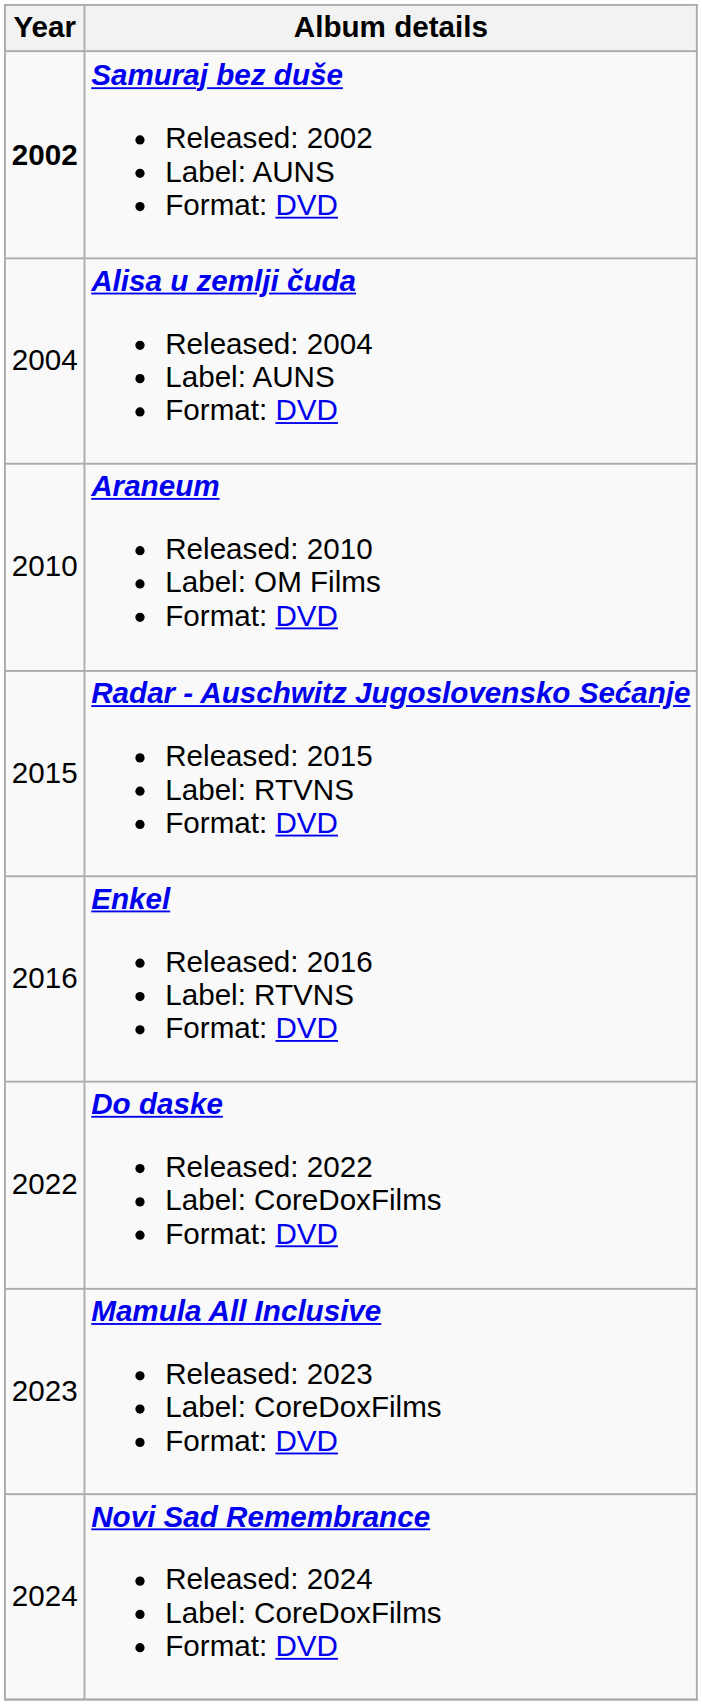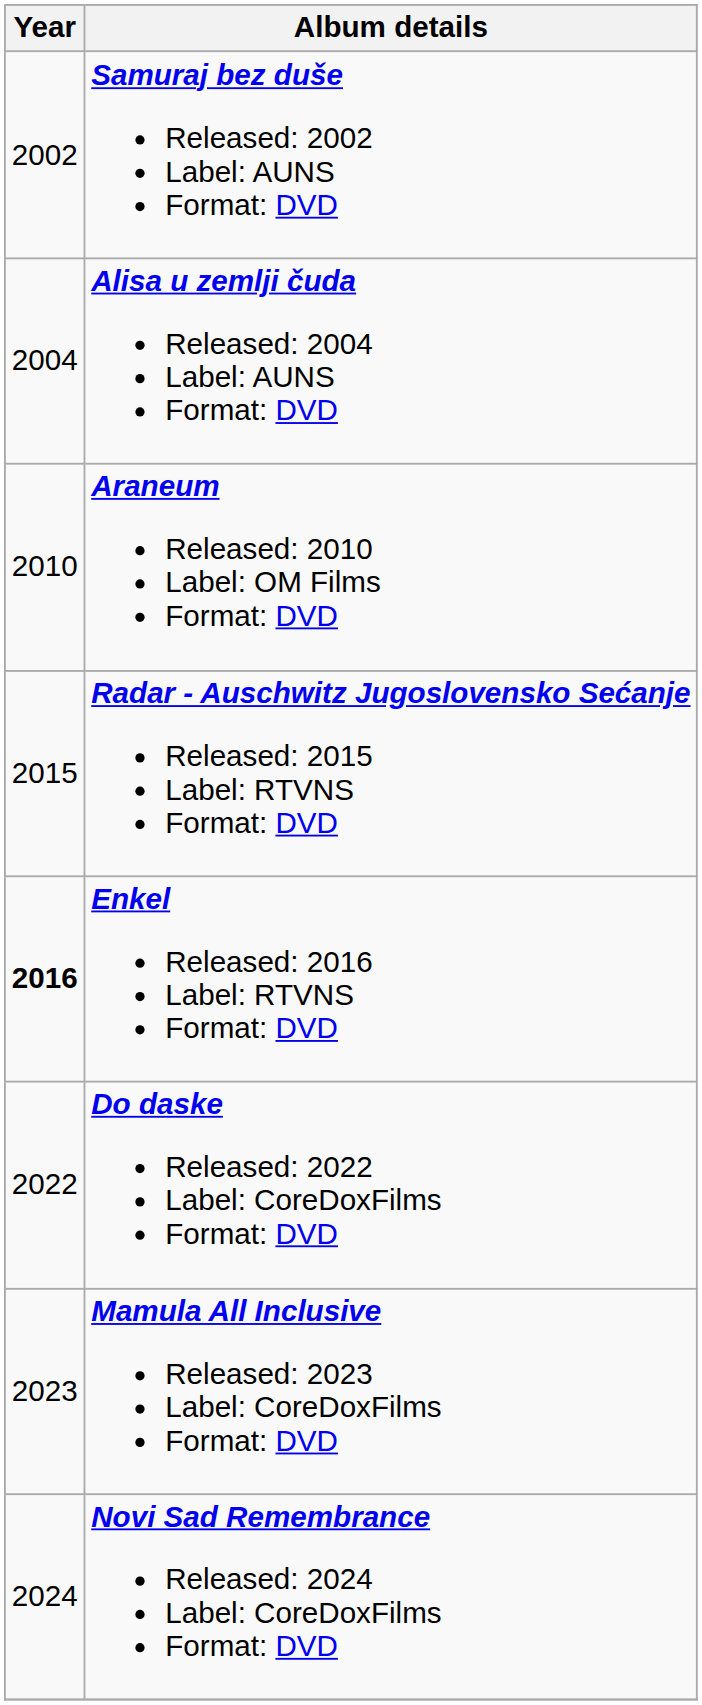 <table class ="wikitable">
 <tr>
 <th>Year</th>
 <th>Album details</th>
 </tr>
 <tr>
-<td align="center" rowspan="1"><strong>2002</strong></td>
+<td align="center" rowspan="1">2002</td>
 <td><strong><em><a href='#'>Samuraj bez duše</a></em></strong><br><ul><li>Released: 2002</li><li>Label: AUNS</li><li>Format: <a href='#'>DVD</a></li></ul></td>
 </tr>
 <tr>
 <td align="center" rowspan="1">2004</td>
 <td><strong><em><a href='#'>Alisa u zemlji čuda</a></em></strong><br><ul><li>Released: 2004</li><li>Label: AUNS</li><li>Format: <a href='#'>DVD</a></li></ul></td>
 </tr>
 <tr>
 <td align="center" rowspan="1">2010</td>
 <td><strong><em><a href='#'>Araneum</a></em></strong><br><ul><li>Released: 2010</li><li>Label: OM Films</li><li>Format: <a href='#'>DVD</a></li></ul></td>
 </tr>
 <tr>
 <td align="center" rowspan="1">2015</td>
 <td><strong><em><a href='#'>Radar - Auschwitz Jugoslovensko Sećanje</a></em></strong><br><ul><li>Released: 2015</li><li>Label: RTVNS</li><li>Format: <a href='#'>DVD</a></li></ul></td>
 </tr>
 <tr>
-<td align="center" rowspan="1">2016</td>
+<td align="center" rowspan="1"><strong>2016</strong></td>
 <td><strong><em><a href='#'>Enkel</a></em></strong><br><ul><li>Released: 2016</li><li>Label: RTVNS</li><li>Format: <a href='#'>DVD</a></li></ul></td>
 </tr>
 <tr>
 <td align="center" rowspan="1">2022</td>
 <td><strong><em><a href='#'>Do daske</a></em></strong><br><ul><li>Released: 2022</li><li>Label: CoreDoxFilms</li><li>Format: <a href='#'>DVD</a></li></ul></td>
 </tr>
 <tr>
 <td align="center" rowspan="1">2023</td>
 <td><strong><em><a href='#'>Mamula All Inclusive</a></em></strong><br><ul><li>Released: 2023</li><li>Label: CoreDoxFilms</li><li>Format: <a href='#'>DVD</a></li></ul></td>
 </tr>
 <tr>
 <td align="center" rowspan="1">2024</td>
 <td><strong><em><a href='#'>Novi Sad Remembrance</a></em></strong><br><ul><li>Released: 2024</li><li>Label: CoreDoxFilms</li><li>Format: <a href='#'>DVD</a></li></ul></td>
 </tr>
 <tr>
 </tr>
 </table>
